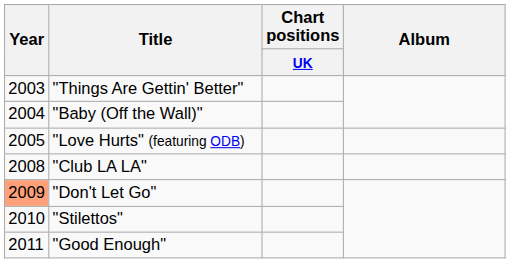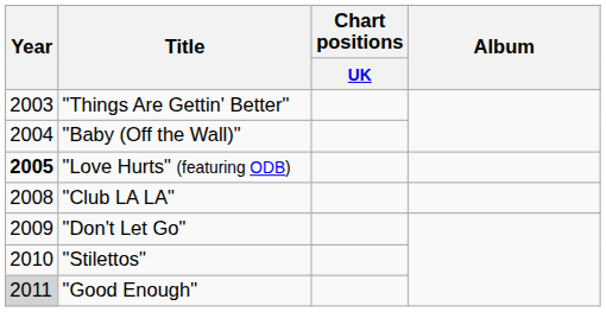 <table class="wikitable">
 <tr>
 <th width="3" rowspan="2">Year</th>
 <th width="200" rowspan="2">Title</th>
 <th colspan="1">Chart positions</th>
 <th width="150" rowspan="2">Album</th>
 </tr>
 <tr>
 <th width="36"><small><a href='#'>UK</a></small></th>
 </tr>
 <tr>
 <td>2003</td>
 <td>"Things Are Gettin' Better"</td>
 <td></td>
 <td rowspan="2"></td>
 </tr>
 <tr>
 <td>2004</td>
 <td>"Baby (Off the Wall)"</td>
 <td></td>
 </tr>
 <tr>
-<td>2005</td>
+<td><strong>2005</strong></td>
 <td>"Love Hurts" <small>(featuring <a href='#'>ODB</a>)</small></td>
 <td></td>
 <td></td>
 </tr>
 <tr>
 <td>2008</td>
 <td>"Club LA LA"</td>
 <td></td>
 <td></td>
 </tr>
 <tr>
-<td style="background: lightsalmon;">2009</td>
+<td>2009</td>
 <td>"Don't Let Go"</td>
 <td></td>
 <td rowspan="3"></td>
 </tr>
 <tr>
 <td>2010</td>
 <td>"Stilettos"</td>
 <td></td>
 </tr>
 <tr>
-<td>2011</td>
+<td style="background: lightgrey;">2011</td>
 <td>"Good Enough"</td>
 <td></td>
 </tr>
 </table>
